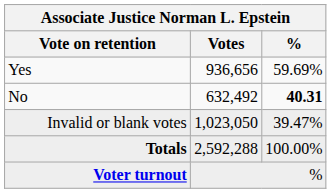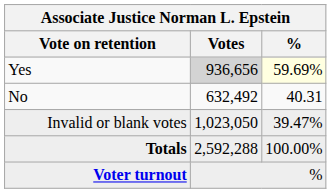 <table class="wikitable" style="font-size: 95%;">
 <tr style="background-color:#E9E9E9">
 <th colspan=7>Associate Justice Norman L. Epstein</th>
 </tr>
 <tr style="background-color:#E9E9E9">
 <th style="width: 170px">Vote on retention</th>
 <th style="width: 50px">Votes</th>
 <th style="width: 40px">%</th>
 </tr>
 <tr>
 <td>Yes</td>
-<td align="right">936,656</td>
-<td align="right">59.69%</td>
+<td align="right" style="background: lightgrey;">936,656</td>
+<td align="right" style="background: lightyellow;">59.69%</td>
 </tr>
 <tr>
 <td>No</td>
 <td align="right">632,492</td>
-<td align="right"><strong>40.31</strong></td>
+<td align="right">40.31</td>
 </tr>
 <tr style="background-color:#EEEEEE">
 <td align="right">Invalid or blank votes</td>
 <td align="right">1,023,050</td>
 <td align="right">39.47%</td>
 </tr>
 <tr style="background-color:#EEEEEE">
 <td colspan="1" align="right"><strong>Totals</strong></td>
 <td align="right">2,592,288</td>
 <td align="right">100.00%</td>
 </tr>
 <tr style="background-color:#EEEEEE">
 <td align="right"><strong><a href='#'>Voter turnout</a></strong></td>
 <td colspan="2" align="right">%</td>
 </tr>
 </table>
